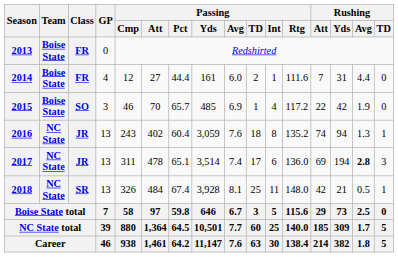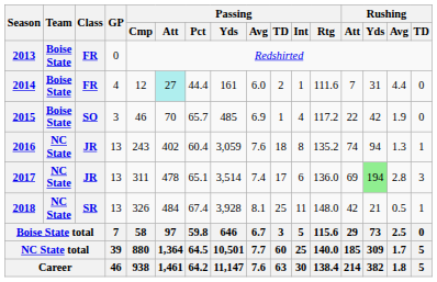 <table class="wikitable" style="text-align:center;">
 <tr>
 <th rowspan="2">Season</th>
 <th rowspan="2">Team</th>
 <th rowspan="2">Class</th>
 <th rowspan="2">GP</th>
 <th colspan="8">Passing</th>
 <th colspan="4">Rushing</th>
 </tr>
 <tr>
 <th>Cmp</th>
 <th>Att</th>
 <th>Pct</th>
 <th>Yds</th>
 <th>Avg</th>
 <th>TD</th>
 <th>Int</th>
 <th>Rtg</th>
 <th>Att</th>
 <th>Yds</th>
 <th>Avg</th>
 <th>TD</th>
 </tr>
 <tr>
 <th><a href='#'>2013</a></th>
 <th><a href='#'>Boise State</a></th>
 <th><a href='#'>FR</a></th>
 <td>0</td>
 <td colspan="13"> <em><a href='#'>Redshirted</a></em></td>
 </tr>
 <tr>
 <th><a href='#'>2014</a></th>
 <th><a href='#'>Boise State</a></th>
 <th><a href='#'>FR</a></th>
 <td>4</td>
 <td>12</td>
-<td>27</td>
+<td style="background: paleturquoise;">27</td>
 <td>44.4</td>
 <td>161</td>
 <td>6.0</td>
 <td>2</td>
 <td>1</td>
 <td>111.6</td>
 <td>7</td>
 <td>31</td>
 <td>4.4</td>
 <td>0</td>
 </tr>
 <tr>
 <th><a href='#'>2015</a></th>
 <th><a href='#'>Boise State</a></th>
 <th><a href='#'>SO</a></th>
 <td>3</td>
 <td>46</td>
 <td>70</td>
 <td>65.7</td>
 <td>485</td>
 <td>6.9</td>
 <td>1</td>
 <td>4</td>
 <td>117.2</td>
 <td>22</td>
 <td>42</td>
 <td>1.9</td>
 <td>0</td>
 </tr>
 <tr>
 <th><a href='#'>2016</a></th>
 <th><a href='#'>NC State</a></th>
 <th><a href='#'>JR</a></th>
 <td>13</td>
 <td>243</td>
 <td>402</td>
 <td>60.4</td>
 <td>3,059</td>
 <td>7.6</td>
 <td>18</td>
 <td>8</td>
 <td>135.2</td>
 <td>74</td>
 <td>94</td>
 <td>1.3</td>
 <td>1</td>
 </tr>
 <tr>
 <th><a href='#'>2017</a></th>
 <th><a href='#'>NC State</a></th>
 <th><a href='#'>JR</a></th>
 <td>13</td>
 <td>311</td>
 <td>478</td>
 <td>65.1</td>
 <td>3,514</td>
 <td>7.4</td>
 <td>17</td>
 <td>6</td>
 <td>136.0</td>
 <td>69</td>
-<td>194</td>
-<td><strong>2.8</strong></td>
+<td style="background: lightgreen;">194</td>
+<td>2.8</td>
 <td>3</td>
 </tr>
 <tr>
 <th><a href='#'>2018</a></th>
 <th><a href='#'>NC State</a></th>
 <th><a href='#'>SR</a></th>
 <td>13</td>
 <td>326</td>
 <td>484</td>
 <td>67.4</td>
 <td>3,928</td>
 <td>8.1</td>
 <td>25</td>
 <td>11</td>
 <td>148.0</td>
 <td>42</td>
 <td>21</td>
 <td>0.5</td>
 <td>1</td>
 </tr>
 <tr>
 <th colspan="3"><a href='#'>Boise State</a> total</th>
 <th>7</th>
 <th>58</th>
 <th>97</th>
 <th>59.8</th>
 <th>646</th>
 <th>6.7</th>
 <th>3</th>
 <th>5</th>
 <th>115.6</th>
 <th>29</th>
 <th>73</th>
 <th>2.5</th>
 <th>0</th>
 </tr>
 <tr>
 <th colspan="3"><a href='#'>NC State</a> total</th>
 <th>39</th>
 <th>880</th>
 <th>1,364</th>
 <th>64.5</th>
 <th>10,501</th>
 <th>7.7</th>
 <th>60</th>
 <th>25</th>
 <th>140.0</th>
 <th>185</th>
 <th>309</th>
 <th>1.7</th>
 <th>5</th>
 </tr>
 <tr>
 <th colspan="3">Career</th>
 <th>46</th>
 <th>938</th>
 <th>1,461</th>
 <th>64.2</th>
 <th>11,147</th>
 <th>7.6</th>
 <th>63</th>
 <th>30</th>
 <th>138.4</th>
 <th>214</th>
 <th>382</th>
 <th>1.8</th>
 <th>5</th>
 </tr>
 </table>
